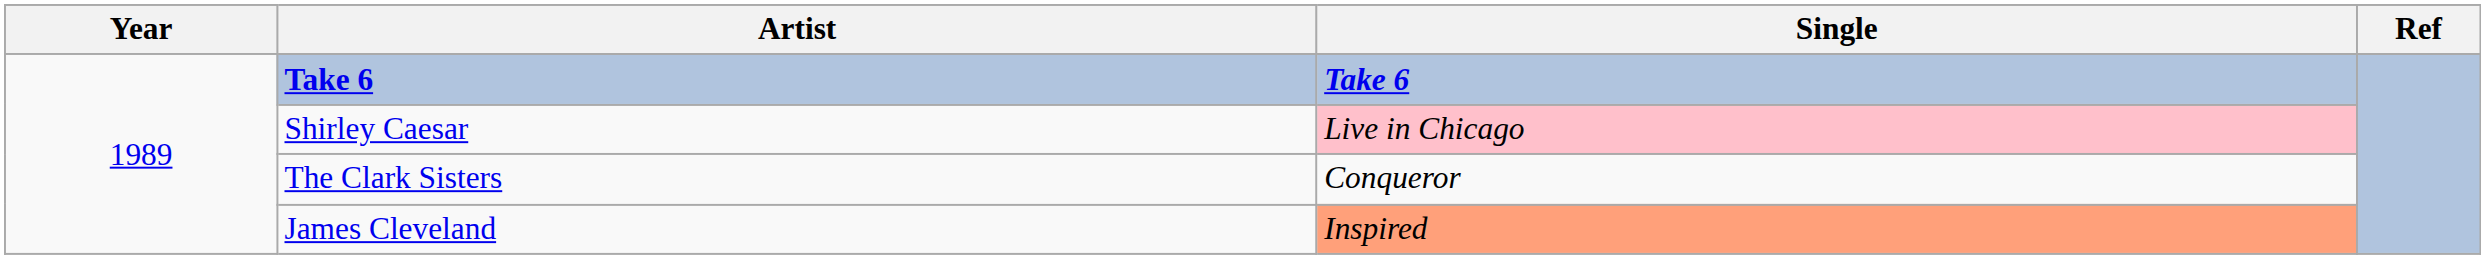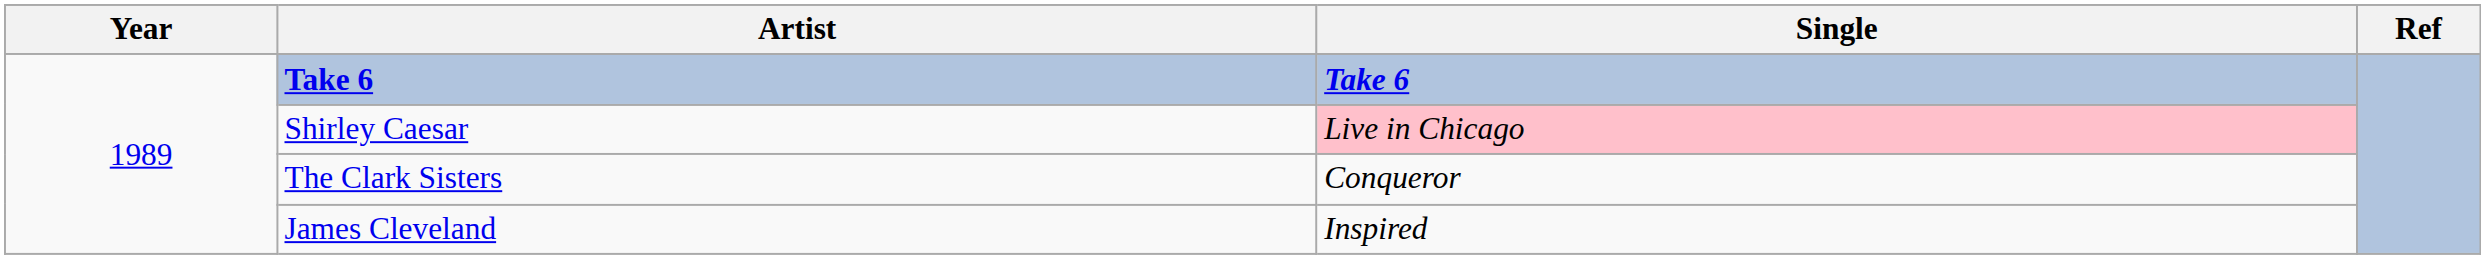 <table class="wikitable" style="width:100%;">
 <tr style="background:#bebebe;">
 <th style="width:11%;">Year</th>
 <th style="width:42%;">Artist</th>
 <th style="width:42%;">Single</th>
 <th style="width:5%;">Ref</th>
 </tr>
 <tr>
 <td rowspan="5" align="center"><a href='#'>1989</a></td>
 </tr>
 <tr style="background:#B0C4DE">
 <td><strong><a href='#'>Take 6</a></strong></td>
 <td><strong><em><a href='#'>Take 6</a></em></strong></td>
 <td rowspan="5" align="center"></td>
 </tr>
 <tr>
 <td><a href='#'>Shirley Caesar</a></td>
 <td style="background: pink;"><em>Live in Chicago</em></td>
 </tr>
 <tr>
 <td><a href='#'>The Clark Sisters</a></td>
 <td><em>Conqueror</em></td>
 </tr>
 <tr>
 <td><a href='#'>James Cleveland</a></td>
-<td style="background: lightsalmon;"><em>Inspired</em></td>
+<td><em>Inspired</em></td>
 </tr>
 </table>
